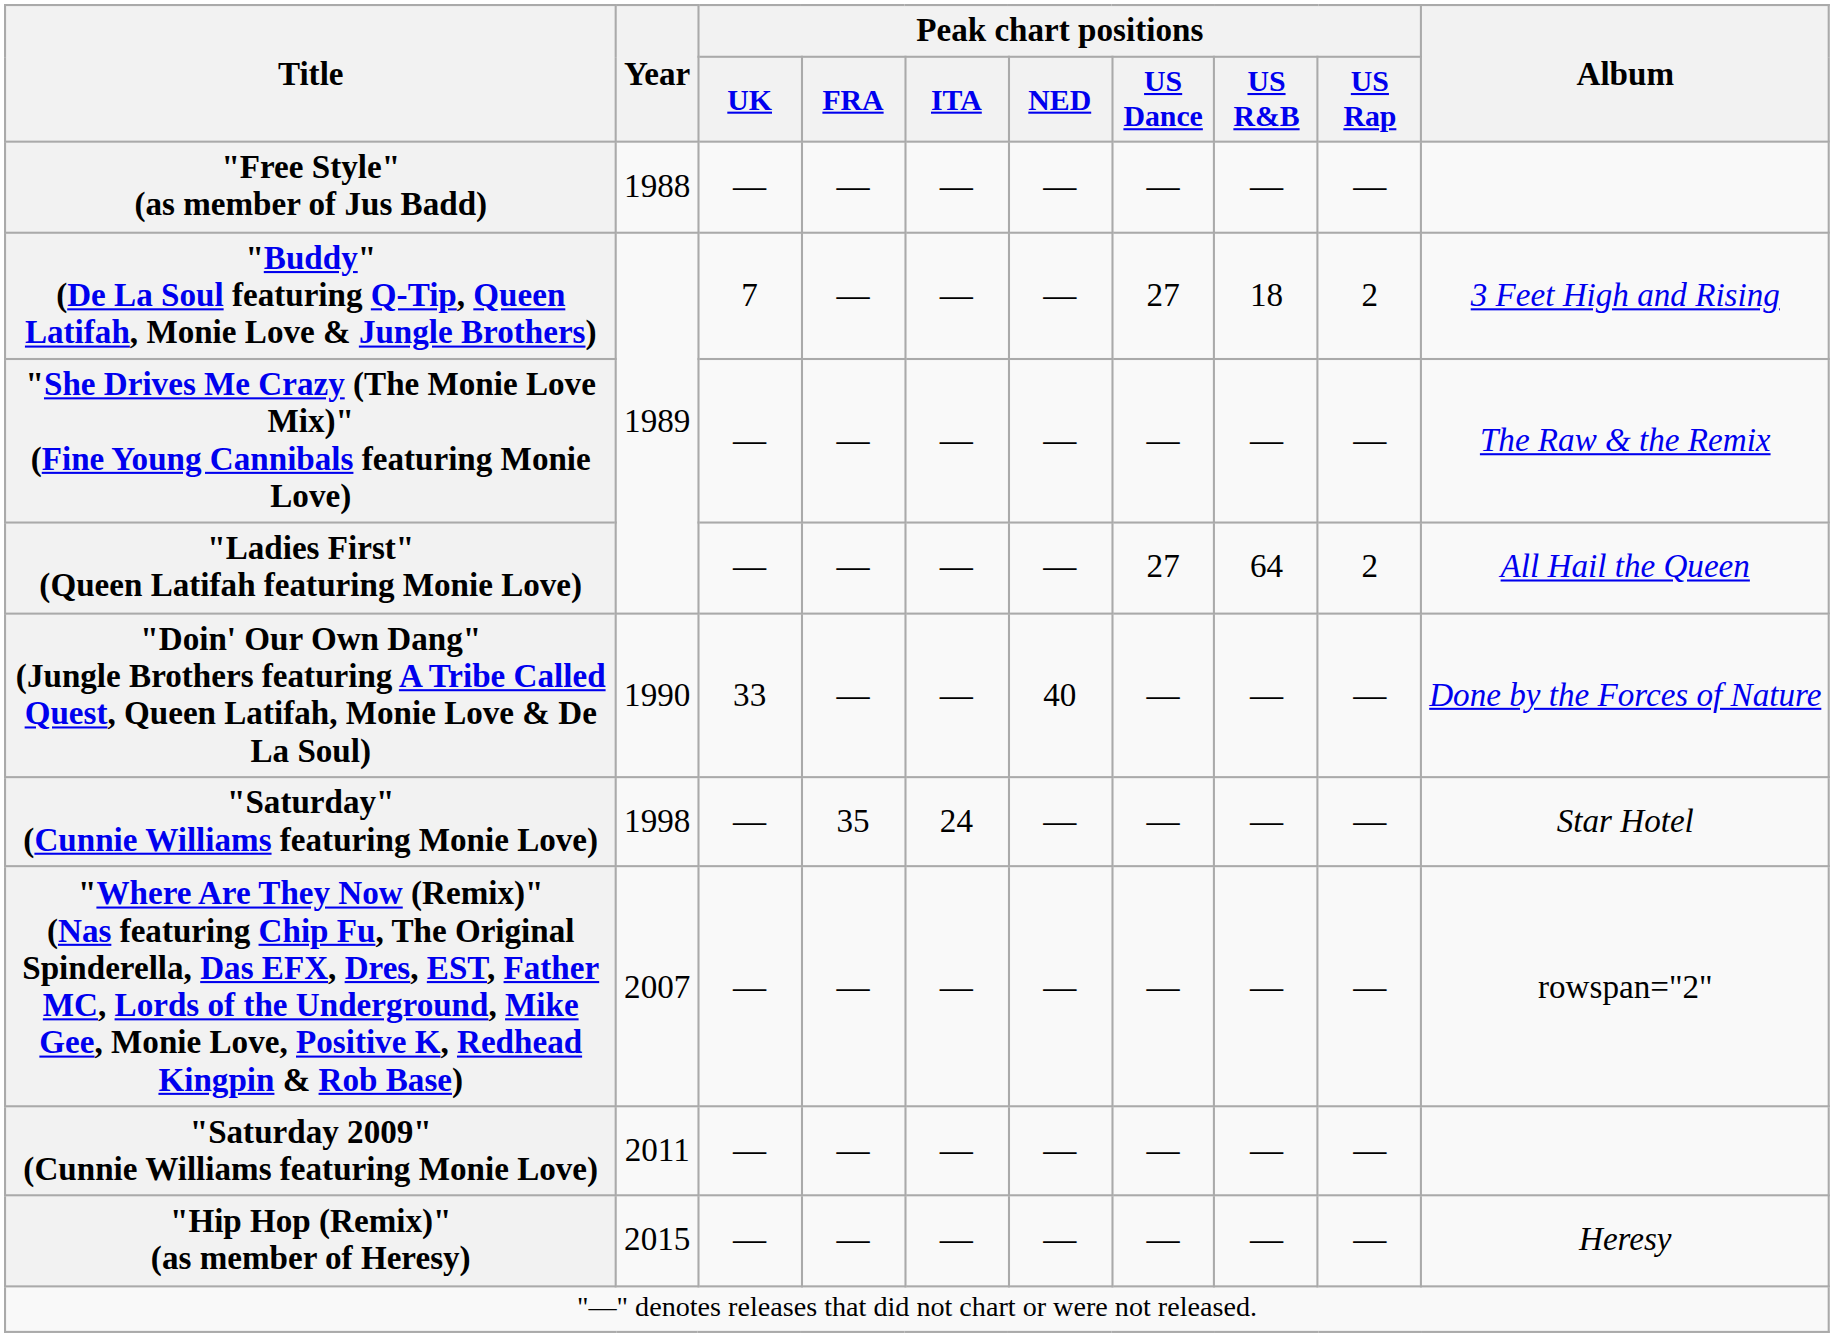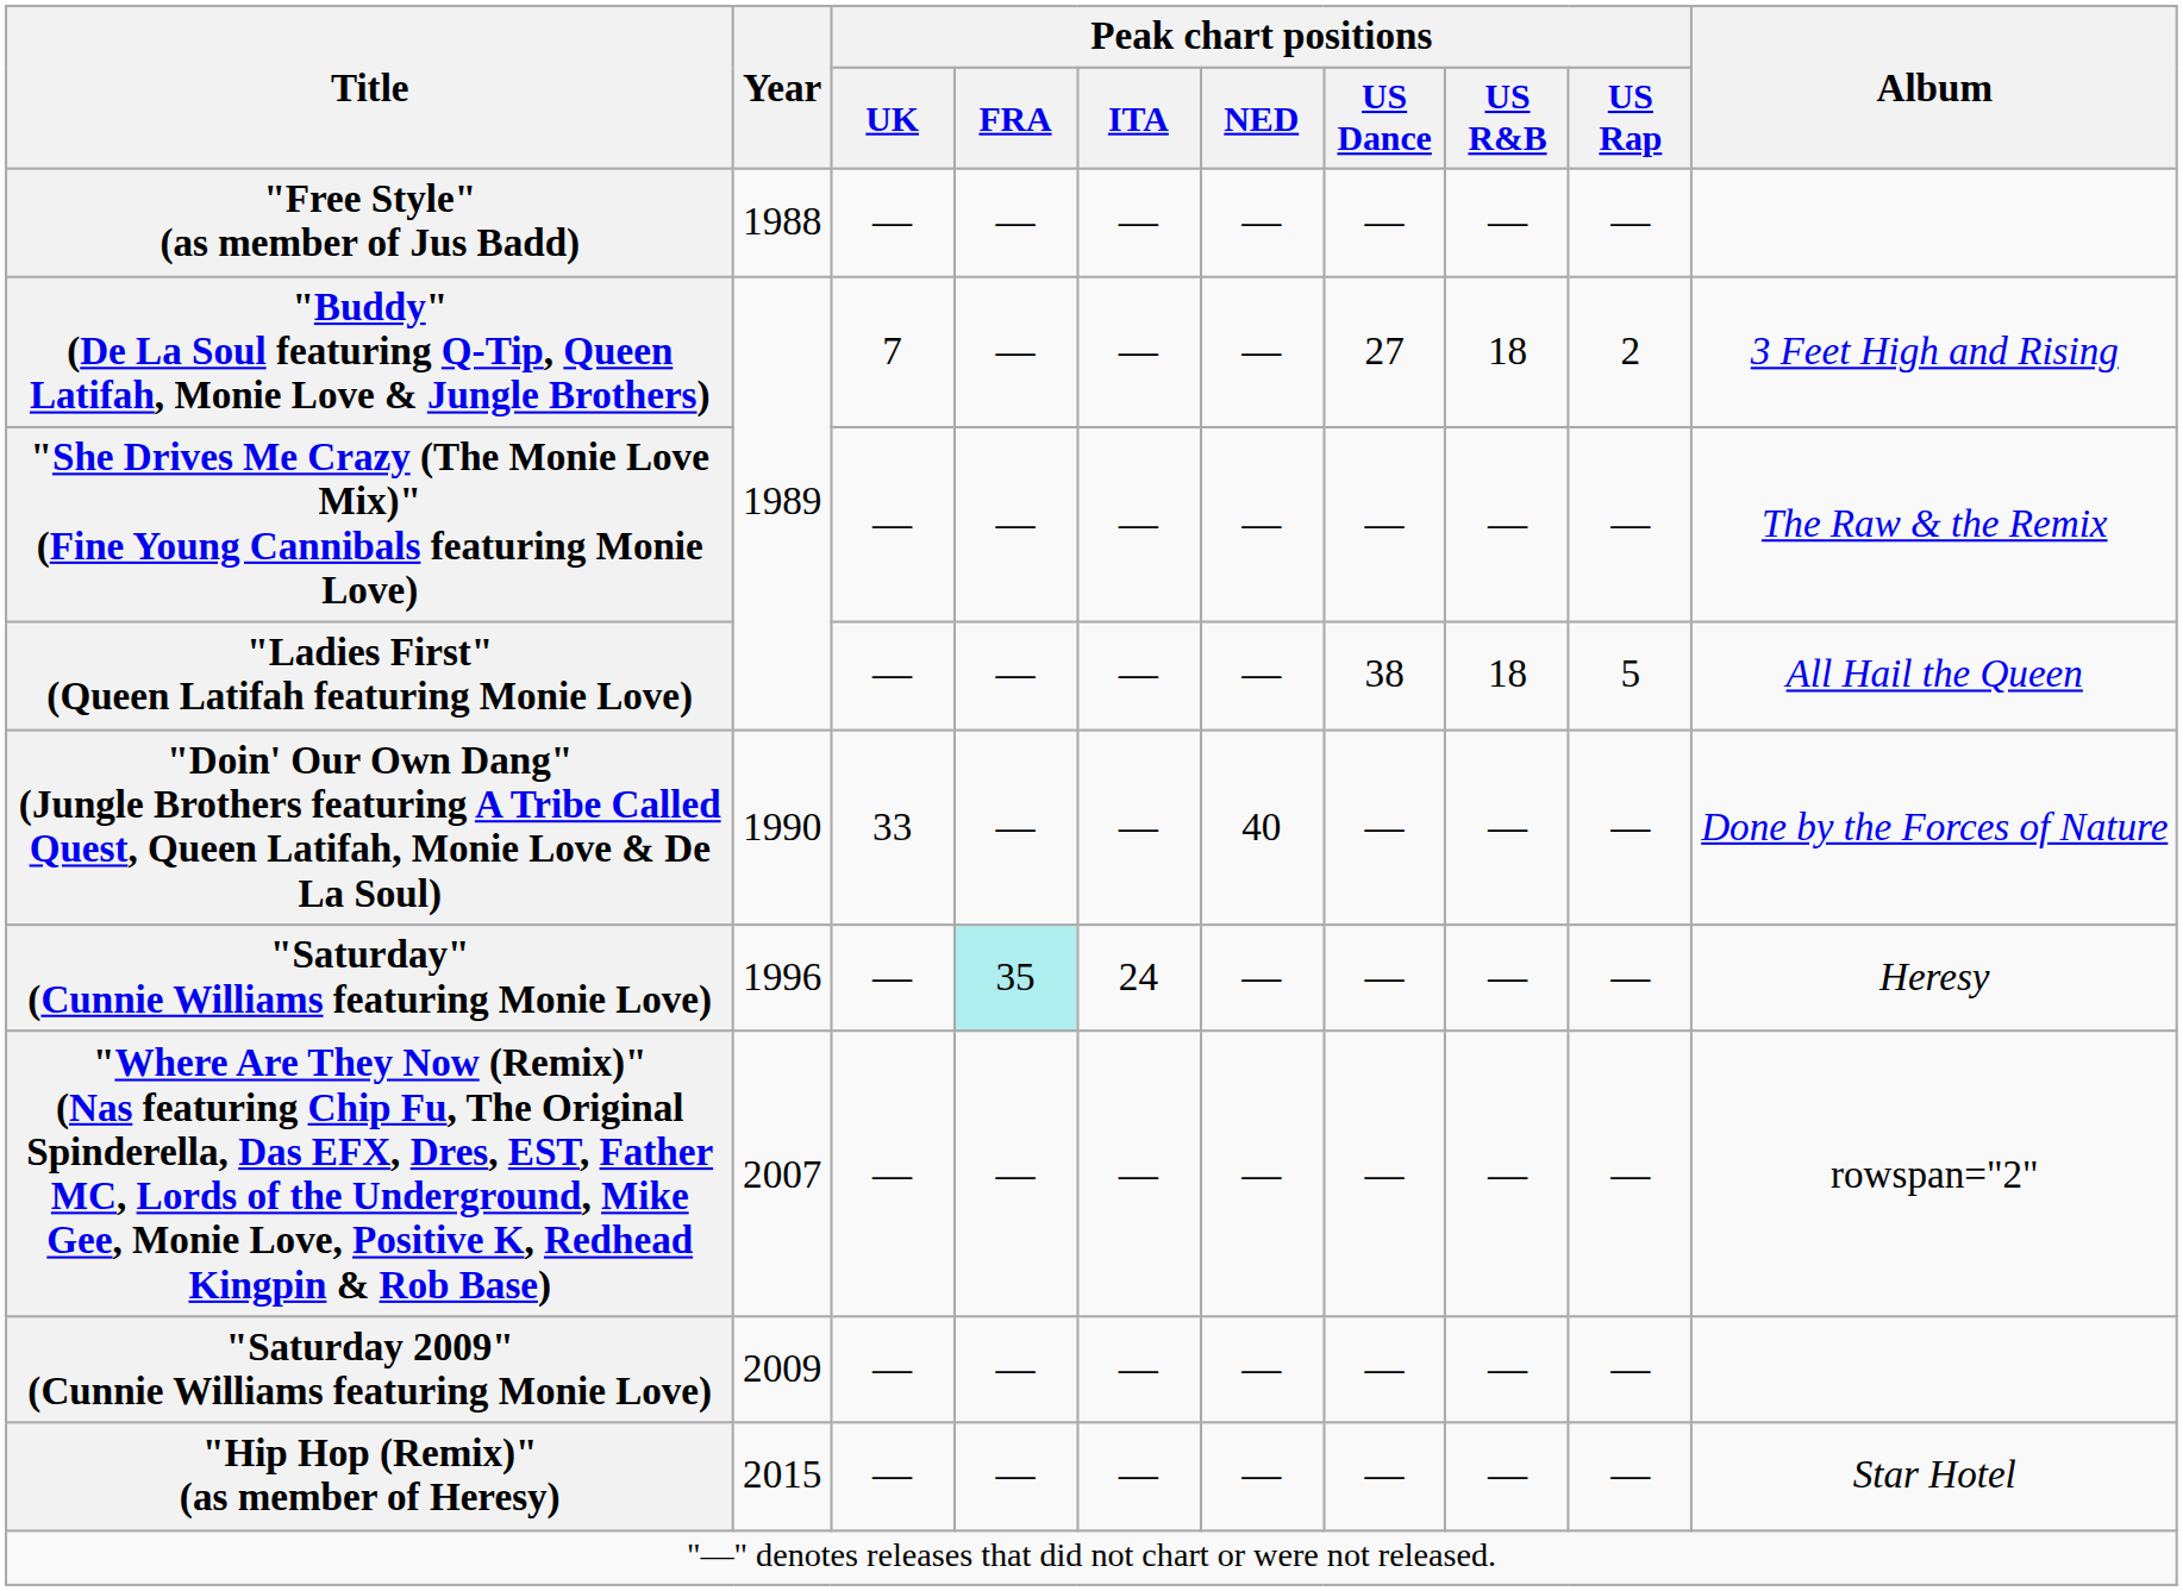 <table class="wikitable plainrowheaders" style="text-align:center;">
 <tr>
 <th scope="col" rowspan="2" style="width:18em;">Title</th>
 <th scope="col" rowspan="2">Year</th>
 <th scope="col" colspan="7">Peak chart positions</th>
 <th scope="col" rowspan="2">Album</th>
 </tr>
 <tr>
 <th scope="col" style="width:3em;font-size:90%;"><a href='#'>UK</a><br></th>
 <th scope="col" style="width:3em;font-size:90%;"><a href='#'>FRA</a><br></th>
 <th scope="col" style="width:3em;font-size:90%;"><a href='#'>ITA</a><br></th>
 <th scope="col" style="width:3em;font-size:90%;"><a href='#'>NED</a><br></th>
 <th scope="col" style="width:3em;font-size:90%;"><a href='#'>US Dance</a><br></th>
 <th scope="col" style="width:3em;font-size:90%;"><a href='#'>US R&B</a><br></th>
 <th scope="col" style="width:3em;font-size:90%;"><a href='#'>US Rap</a><br></th>
 </tr>
 <tr>
 <th scope="row">"Free Style"<br><span>(as member of Jus Badd)</span></th>
 <td>1988</td>
 <td>—</td>
 <td>—</td>
 <td>—</td>
 <td>—</td>
 <td>—</td>
 <td>—</td>
 <td>—</td>
 <td></td>
 </tr>
 <tr>
 <th scope="row">"<a href='#'>Buddy</a>"<br><span>(<a href='#'>De La Soul</a> featuring <a href='#'>Q-Tip</a>, <a href='#'>Queen Latifah</a>, Monie Love & <a href='#'>Jungle Brothers</a>)</span></th>
 <td rowspan="3">1989</td>
 <td>7</td>
 <td>—</td>
 <td>—</td>
 <td>—</td>
 <td>27</td>
 <td>18</td>
 <td>2</td>
 <td><em><a href='#'>3 Feet High and Rising</a></em></td>
 </tr>
 <tr>
 <th scope="row">"<a href='#'>She Drives Me Crazy</a> (The Monie Love Mix)"<br><span>(<a href='#'>Fine Young Cannibals</a> featuring Monie Love)</span></th>
 <td>—</td>
 <td>—</td>
 <td>—</td>
 <td>—</td>
 <td>—</td>
 <td>—</td>
 <td>—</td>
 <td><em><a href='#'>The Raw & the Remix</a></em></td>
 </tr>
 <tr>
 <th scope="row">"Ladies First"<br><span>(Queen Latifah featuring Monie Love)</span></th>
 <td>—</td>
 <td>—</td>
 <td>—</td>
 <td>—</td>
-<td>27</td>
-<td>64</td>
-<td>2</td>
+<td>38</td>
+<td>18</td>
+<td>5</td>
 <td><em><a href='#'>All Hail the Queen</a></em></td>
 </tr>
 <tr>
 <th scope="row">"Doin' Our Own Dang"<br><span>(Jungle Brothers featuring <a href='#'>A Tribe Called Quest</a>, Queen Latifah, Monie Love & De La Soul)</span></th>
 <td>1990</td>
 <td>33</td>
 <td>—</td>
 <td>—</td>
 <td>40</td>
 <td>—</td>
 <td>—</td>
 <td>—</td>
 <td><em><a href='#'>Done by the Forces of Nature</a></em></td>
 </tr>
 <tr>
 <th scope="row">"Saturday"<br><span>(<a href='#'>Cunnie Williams</a> featuring Monie Love)</span></th>
-<td>1998</td>
+<td>1996</td>
 <td>—</td>
-<td>35</td>
+<td style="background: paleturquoise;">35</td>
 <td>24</td>
 <td>—</td>
 <td>—</td>
 <td>—</td>
 <td>—</td>
-<td><em>Star Hotel</em></td>
+<td><em>Heresy</em></td>
 </tr>
 <tr>
 <th scope="row">"<a href='#'>Where Are They Now</a> (Remix)" <br><span>(<a href='#'>Nas</a> featuring <a href='#'>Chip Fu</a>, The Original Spinderella, <a href='#'>Das EFX</a>, <a href='#'>Dres</a>, <a href='#'>EST</a>, <a href='#'>Father MC</a>, <a href='#'>Lords of the Underground</a>, <a href='#'>Mike Gee</a>, Monie Love, <a href='#'>Positive K</a>, <a href='#'>Redhead Kingpin</a> & <a href='#'>Rob Base</a>)</span></th>
 <td>2007</td>
 <td>—</td>
 <td>—</td>
 <td>—</td>
 <td>—</td>
 <td>—</td>
 <td>—</td>
 <td>—</td>
 <td>rowspan="2" </td>
 </tr>
 <tr>
 <th scope="row">"Saturday 2009"<br><span>(Cunnie Williams featuring Monie Love)</span></th>
-<td>2011</td>
+<td>2009</td>
 <td>—</td>
 <td>—</td>
 <td>—</td>
 <td>—</td>
 <td>—</td>
 <td>—</td>
 <td>—</td>
 </tr>
 <tr>
 <th scope="row">"Hip Hop (Remix)"<br><span>(as member of Heresy)</span></th>
 <td>2015</td>
 <td>—</td>
 <td>—</td>
 <td>—</td>
 <td>—</td>
 <td>—</td>
 <td>—</td>
 <td>—</td>
-<td><em>Heresy</em></td>
+<td><em>Star Hotel</em></td>
 </tr>
 <tr>
 <td align="center" colspan="13" style="font-size:85%">"—" denotes releases that did not chart or were not released.</td>
 </tr>
 </table>
